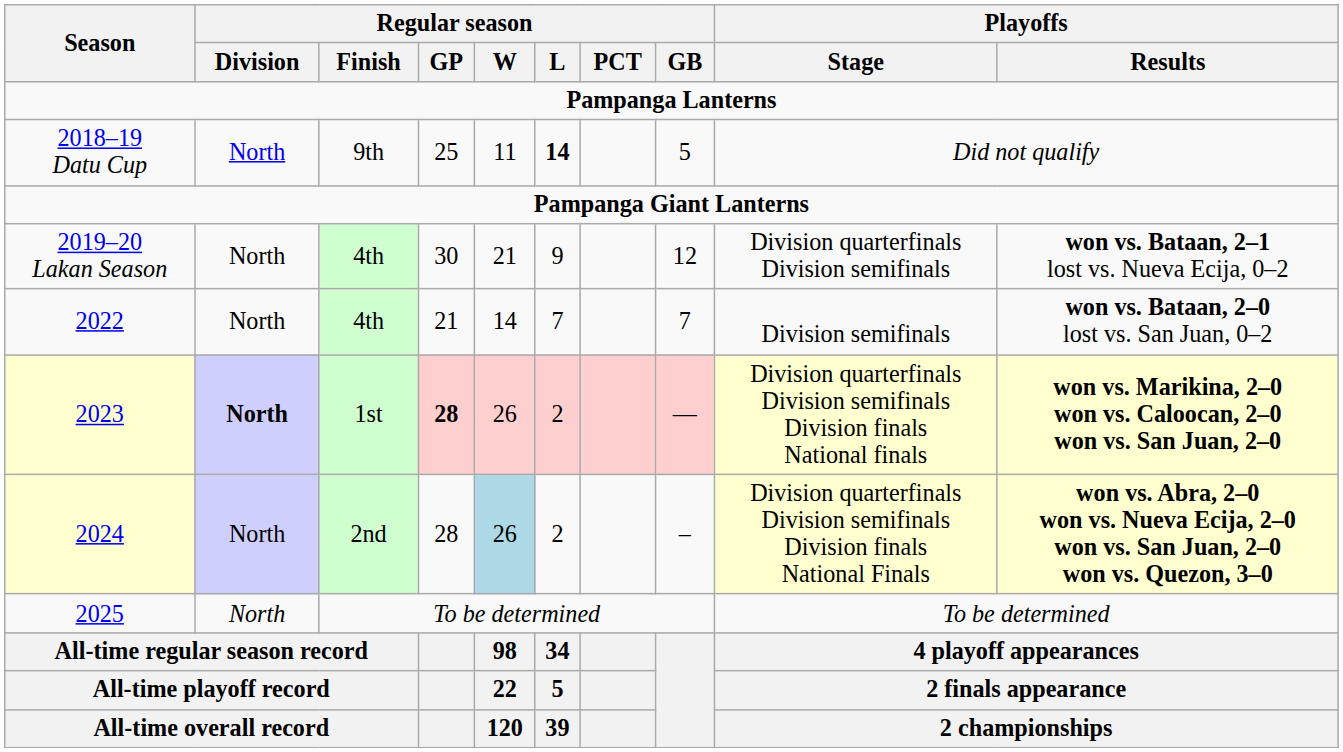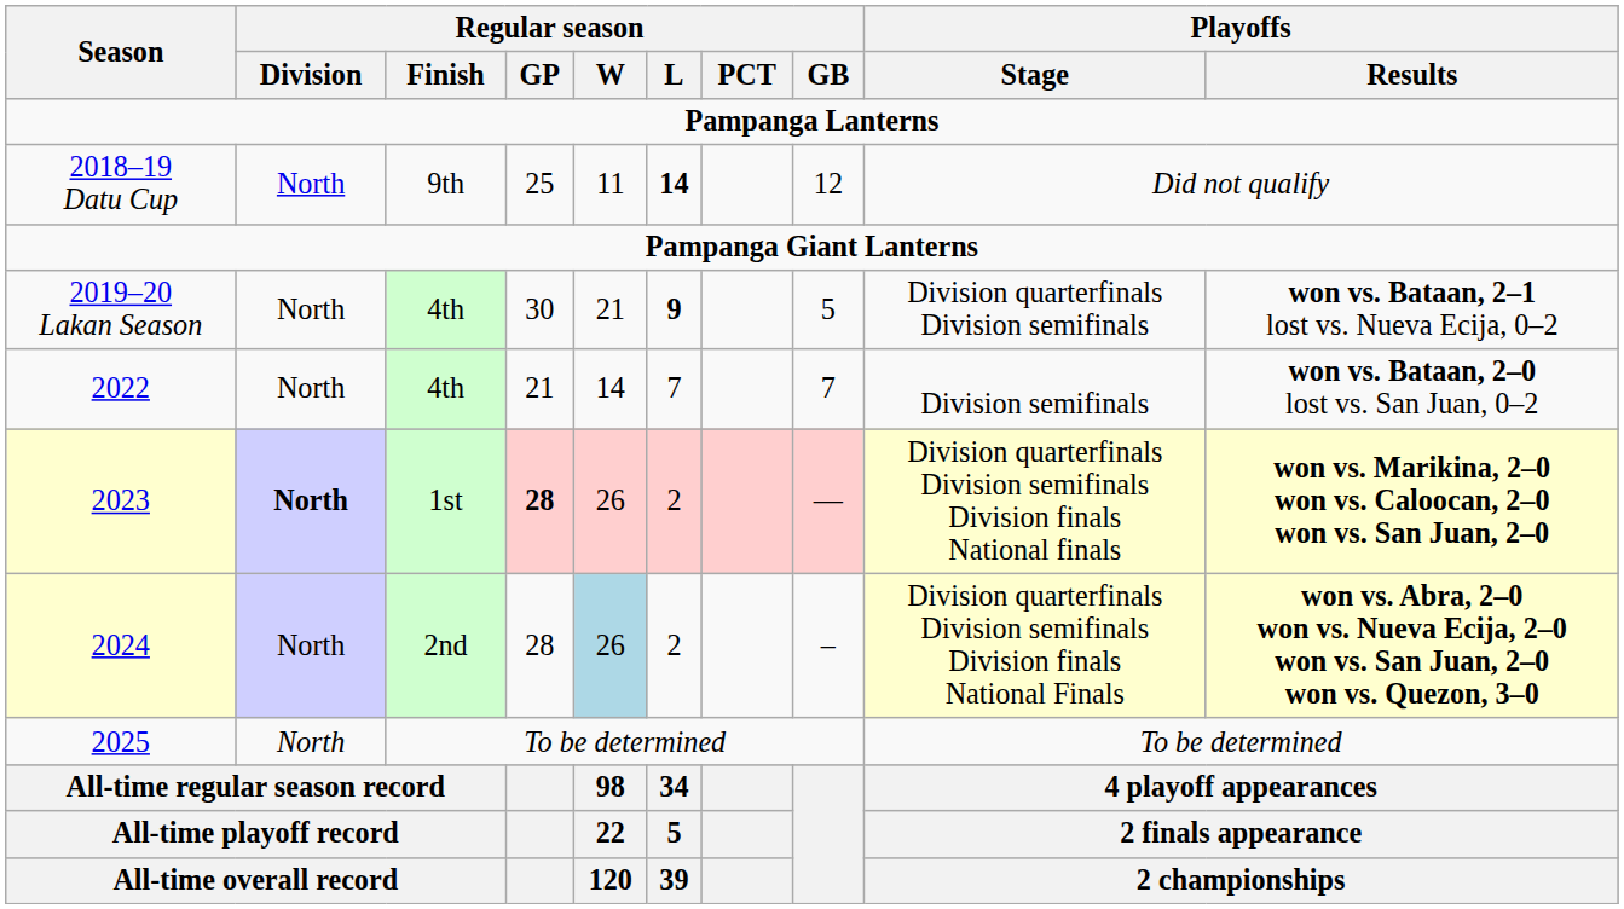 <table class=wikitable style="width:100%; text-align:center">
 <tr>
 <th rowspan="2">Season</th>
 <th colspan="7">Regular season</th>
 <th colspan="2">Playoffs</th>
 </tr>
 <tr>
 <th>Division</th>
 <th>Finish</th>
 <th>GP</th>
 <th>W</th>
 <th>L</th>
 <th>PCT</th>
 <th>GB</th>
 <th>Stage</th>
 <th>Results</th>
 </tr>
 <tr>
 <td colspan=10><span><strong>Pampanga Lanterns</strong></span></td>
 </tr>
 <tr>
 <td><a href='#'>2018–19</a> <br> <em>Datu Cup</em></td>
 <td><a href='#'>North</a></td>
 <td>9th</td>
 <td>25</td>
 <td>11</td>
 <td><strong>14</strong></td>
 <td></td>
-<td>5</td>
+<td>12</td>
 <td colspan=2><em>Did not qualify</em></td>
 </tr>
 <tr>
 <td colspan=10><span><strong>Pampanga Giant Lanterns</strong></span></td>
 </tr>
 <tr>
 <td><a href='#'>2019–20</a> <br> <em>Lakan Season</em></td>
 <td>North</td>
 <td bgcolor="CFFFCF">4th</td>
 <td>30</td>
 <td>21</td>
-<td>9</td>
+<td><strong>9</strong></td>
 <td></td>
-<td>12</td>
+<td>5</td>
 <td>Division quarterfinals<br>Division semifinals</td>
 <td><strong>won vs. Bataan, 2–1</strong><br>lost vs. Nueva Ecija, 0–2</td>
 </tr>
 <tr>
 <td><a href='#'>2022</a></td>
 <td>North</td>
 <td bgcolor="CFFFCF">4th</td>
 <td>21</td>
 <td>14</td>
 <td>7</td>
 <td></td>
 <td>7</td>
 <td><br>Division semifinals</td>
 <td><strong>won vs. Bataan, 2–0</strong><br>lost vs. San Juan, 0–2</td>
 </tr>
 <tr>
 <td bgcolor="FFFFCF"><a href='#'>2023</a></td>
 <td bgcolor="CFCFFF"><strong>North</strong></td>
 <td bgcolor="CFFFCF">1st</td>
 <td bgcolor="FFCFCF"><strong>28</strong></td>
 <td bgcolor="FFCFCF">26</td>
 <td bgcolor="FFCFCF">2</td>
 <td bgcolor="FFCFCF"></td>
 <td bgcolor="FFCFCF">—</td>
 <td bgcolor="FFFFCF">Division quarterfinals<br>Division semifinals<br>Division finals<br>National finals</td>
 <td bgcolor="FFFFCF"><strong>won vs. Marikina, 2–0</strong><br><strong>won vs. Caloocan, 2–0</strong><br><strong>won vs. San Juan, 2–0</strong><br></td>
 </tr>
 <tr>
 <td bgcolor="FFFFCF"><a href='#'>2024</a></td>
 <td bgcolor="CFCFFF">North</td>
 <td bgcolor="CFFFCF">2nd</td>
 <td>28</td>
 <td style="background: lightblue;">26</td>
 <td>2</td>
 <td></td>
 <td>–</td>
 <td bgcolor="FFFFCF">Division quarterfinals<br>Division semifinals<br>Division finals<br>National Finals</td>
 <td bgcolor="FFFFCF"><strong>won vs. Abra, 2–0</strong><br><strong>won vs. Nueva Ecija, 2–0</strong><br><strong>won vs. San Juan, 2–0</strong><br><strong>won vs. Quezon, 3–0</strong></td>
 </tr>
 <tr>
 <td><a href='#'>2025</a></td>
 <td><em>North</em></td>
 <td colspan="6"><em>To be determined</em></td>
 <td colspan=2><em>To be determined</em></td>
 </tr>
 <tr>
 <th colspan="3">All-time regular season record</th>
 <th></th>
 <th>98</th>
 <th>34</th>
 <th></th>
 <th rowspan="3"></th>
 <th colspan="2">4 playoff appearances</th>
 </tr>
 <tr>
 <th colspan="3">All-time playoff record</th>
 <th></th>
 <th>22</th>
 <th>5</th>
 <th></th>
 <th colspan="2">2 finals appearance</th>
 </tr>
 <tr>
 <th colspan="3">All-time overall record</th>
 <th></th>
 <th>120</th>
 <th>39</th>
 <th></th>
 <th colspan="2">2 championships</th>
 </tr>
 </table>
